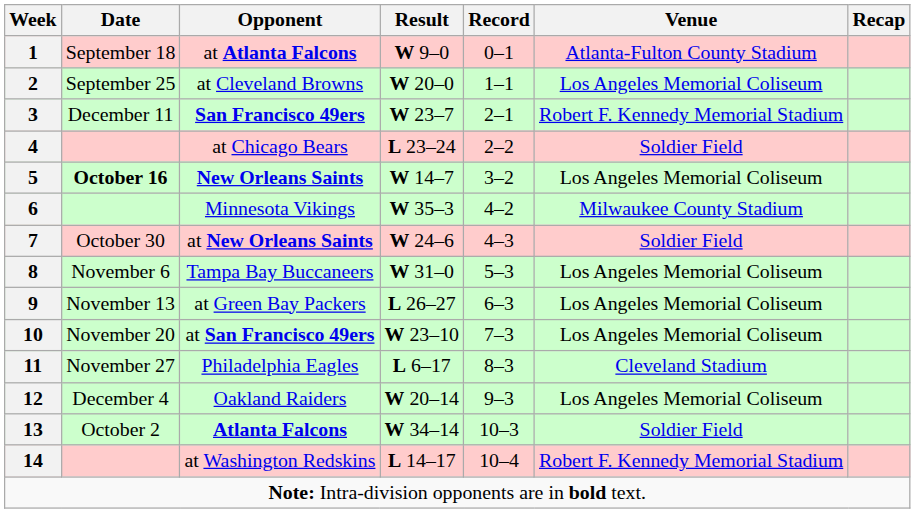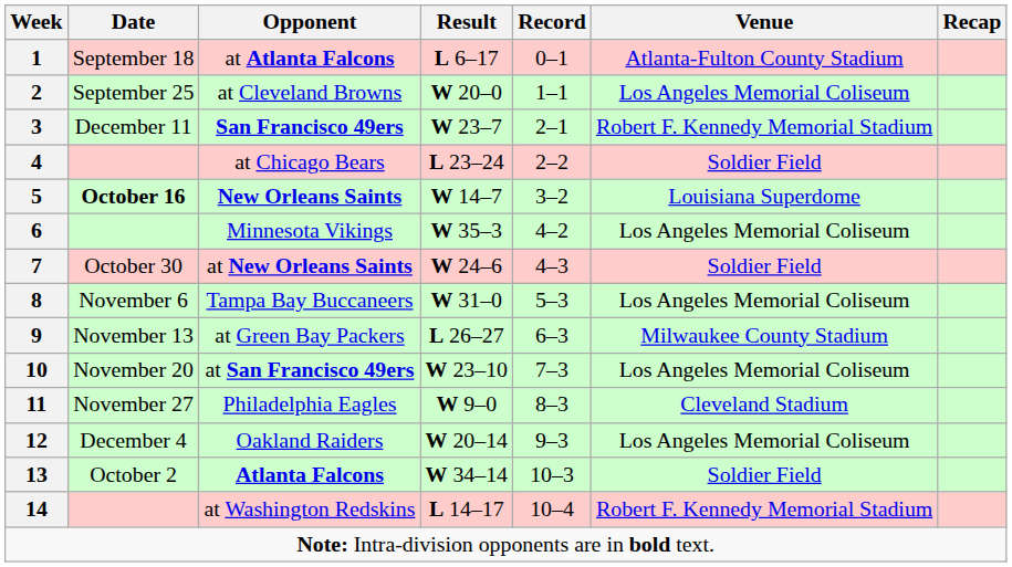 <table class="wikitable" style="text-align:center">
 <tr>
 <th>Week</th>
 <th>Date</th>
 <th>Opponent</th>
 <th>Result</th>
 <th>Record</th>
 <th>Venue</th>
 <th>Recap</th>
 </tr>
 <tr style="background: #fcc;">
 <th>1</th>
 <td>September 18</td>
 <td>at <strong><a href='#'>Atlanta Falcons</a></strong></td>
-<td><strong>W</strong> 9–0</td>
+<td><strong>L</strong> 6–17</td>
 <td>0–1</td>
 <td><a href='#'>Atlanta-Fulton County Stadium</a></td>
 <td></td>
 </tr>
 <tr style="background: #cfc;">
 <th>2</th>
 <td>September 25</td>
 <td>at <a href='#'>Cleveland Browns</a></td>
 <td><strong>W</strong> 20–0</td>
 <td>1–1</td>
 <td><a href='#'>Los Angeles Memorial Coliseum</a></td>
 <td></td>
 </tr>
 <tr style="background: #cfc;">
 <th>3</th>
 <td>December 11</td>
 <td><strong><a href='#'>San Francisco 49ers</a></strong></td>
 <td><strong>W</strong> 23–7</td>
 <td>2–1</td>
 <td><a href='#'>Robert F. Kennedy Memorial Stadium</a></td>
 <td></td>
 </tr>
 <tr style="background: #fcc;">
 <th>4</th>
 <td></td>
 <td>at <a href='#'>Chicago Bears</a></td>
 <td><strong>L</strong> 23–24</td>
 <td>2–2</td>
 <td><a href='#'>Soldier Field</a></td>
 <td></td>
 </tr>
 <tr style="background: #cfc;">
 <th>5</th>
 <td><strong>October 16</strong></td>
 <td><strong><a href='#'>New Orleans Saints</a></strong></td>
 <td><strong>W</strong> 14–7</td>
 <td>3–2</td>
-<td>Los Angeles Memorial Coliseum</td>
+<td><a href='#'>Louisiana Superdome</a></td>
 <td></td>
 </tr>
 <tr style="background: #cfc;">
 <th>6</th>
 <td></td>
 <td><a href='#'>Minnesota Vikings</a></td>
 <td><strong>W</strong> 35–3</td>
 <td>4–2</td>
-<td><a href='#'>Milwaukee County Stadium</a></td>
+<td>Los Angeles Memorial Coliseum</td>
 <td></td>
 </tr>
 <tr style="background: #fcc;">
 <th>7</th>
 <td>October 30</td>
 <td>at <strong><a href='#'>New Orleans Saints</a></strong></td>
 <td><strong>W</strong> 24–6</td>
 <td>4–3</td>
 <td><a href='#'>Soldier Field</a></td>
 <td></td>
 </tr>
 <tr style="background: #cfc;">
 <th>8</th>
 <td>November 6</td>
 <td><a href='#'>Tampa Bay Buccaneers</a></td>
 <td><strong>W</strong> 31–0</td>
 <td>5–3</td>
 <td>Los Angeles Memorial Coliseum</td>
 <td></td>
 </tr>
 <tr style="background: #cfc;">
 <th>9</th>
 <td>November 13</td>
 <td>at <a href='#'>Green Bay Packers</a></td>
 <td><strong>L</strong> 26–27</td>
 <td>6–3</td>
-<td>Los Angeles Memorial Coliseum</td>
+<td><a href='#'>Milwaukee County Stadium</a></td>
 <td></td>
 </tr>
 <tr style="background: #cfc;">
 <th>10</th>
 <td>November 20</td>
 <td>at <strong><a href='#'>San Francisco 49ers</a></strong></td>
 <td><strong>W</strong> 23–10</td>
 <td>7–3</td>
 <td>Los Angeles Memorial Coliseum</td>
 <td></td>
 </tr>
 <tr style="background: #cfc;">
 <th>11</th>
 <td>November 27</td>
 <td><a href='#'>Philadelphia Eagles</a></td>
-<td><strong>L</strong> 6–17</td>
+<td><strong>W</strong> 9–0</td>
 <td>8–3</td>
 <td><a href='#'>Cleveland Stadium</a></td>
 <td></td>
 </tr>
 <tr style="background: #cfc;">
 <th>12</th>
 <td>December 4</td>
 <td><a href='#'>Oakland Raiders</a></td>
 <td><strong>W</strong> 20–14</td>
 <td>9–3</td>
 <td>Los Angeles Memorial Coliseum</td>
 <td></td>
 </tr>
 <tr style="background: #cfc;">
 <th>13</th>
 <td>October 2</td>
 <td><strong><a href='#'>Atlanta Falcons</a></strong></td>
 <td><strong>W</strong> 34–14</td>
 <td>10–3</td>
 <td><a href='#'>Soldier Field</a></td>
 <td></td>
 </tr>
 <tr style="background: #fcc;">
 <th>14</th>
 <td></td>
 <td>at <a href='#'>Washington Redskins</a></td>
 <td><strong>L</strong> 14–17</td>
 <td>10–4</td>
 <td><a href='#'>Robert F. Kennedy Memorial Stadium</a></td>
 <td></td>
 </tr>
 <tr>
 <td colspan="8"><strong>Note:</strong> Intra-division opponents are in <strong>bold</strong> text.</td>
 </tr>
 </table>
